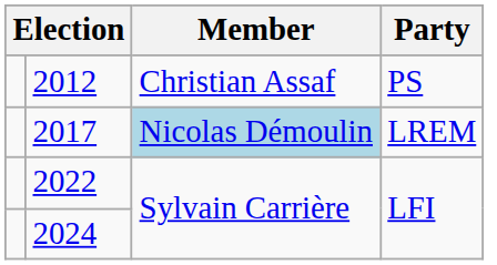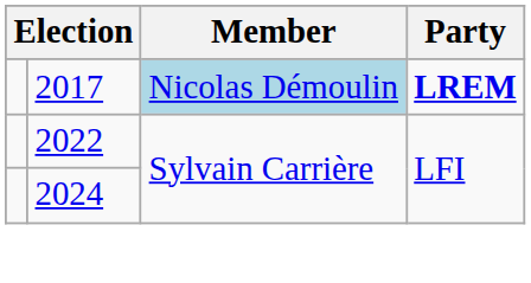 <table class="wikitable">
 <tr>
 <th colspan="2">Election</th>
 <th>Member</th>
 <th>Party</th>
 </tr>
 <tr>
 <td style="color:inherit;background-color: "></td>
-<td><a href='#'>2012</a></td>
-<td><a href='#'>Christian Assaf</a></td>
-<td><a href='#'>PS</a></td>
-</tr>
-<tr>
-<td style="color:inherit;background-color: "></td>
 <td><a href='#'>2017</a></td>
 <td style="background: lightblue;"><a href='#'>Nicolas Démoulin</a></td>
-<td><a href='#'>LREM</a></td>
+<td><strong><a href='#'>LREM</a></strong></td>
 </tr>
 <tr>
 <td style="color:inherit;background-color: "></td>
 <td><a href='#'>2022</a></td>
 <td rowspan="2"><a href='#'>Sylvain Carrière</a></td>
 <td rowspan="2"><a href='#'>LFI</a></td>
 </tr>
 <tr>
 <td style="color:inherit;background-color: "></td>
 <td><a href='#'>2024</a></td>
 </tr>
 </table>
